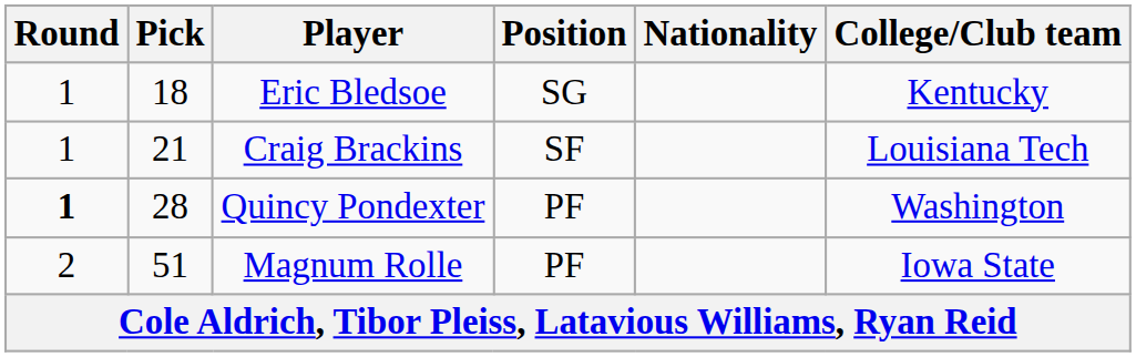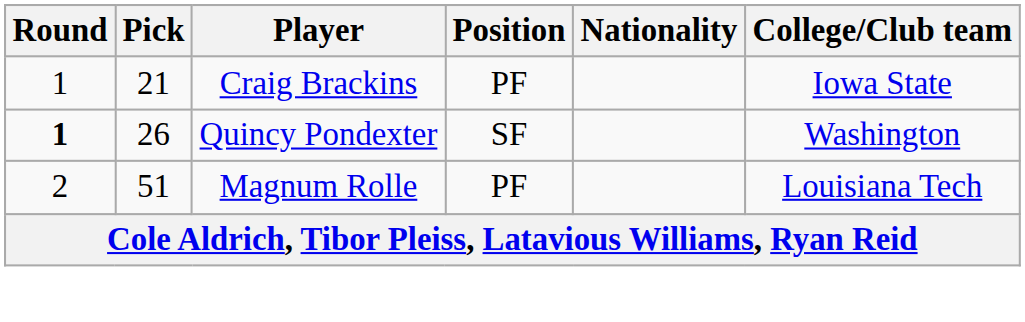 <table class="wikitable sortable sortable">
 <tr>
 <th>Round</th>
 <th>Pick</th>
 <th>Player</th>
 <th>Position</th>
 <th>Nationality</th>
 <th>College/Club team</th>
 </tr>
 <tr style="text-align: center">
 <td>1</td>
-<td>18</td>
-<td><a href='#'>Eric Bledsoe</a></td>
-<td>SG</td>
-<td></td>
-<td><a href='#'>Kentucky</a></td>
-</tr>
-<tr style="text-align: center">
-<td>1</td>
 <td>21</td>
 <td><a href='#'>Craig Brackins</a></td>
-<td>SF</td>
+<td>PF</td>
 <td></td>
-<td><a href='#'>Louisiana Tech</a></td>
+<td><a href='#'>Iowa State</a></td>
 </tr>
 <tr style="text-align: center">
 <td><strong>1</strong></td>
-<td>28</td>
+<td>26</td>
 <td><a href='#'>Quincy Pondexter</a></td>
-<td>PF</td>
+<td>SF</td>
 <td></td>
 <td><a href='#'>Washington</a></td>
 </tr>
 <tr style="text-align: center">
 <td>2</td>
 <td>51</td>
 <td><a href='#'>Magnum Rolle</a></td>
 <td>PF</td>
 <td></td>
-<td><a href='#'>Iowa State</a></td>
+<td><a href='#'>Louisiana Tech</a></td>
 </tr>
 <tr>
 <th scope="row" colspan="6" style="text-align:center;”"><a href='#'>Cole Aldrich</a>, <a href='#'>Tibor Pleiss</a>, <a href='#'>Latavious Williams</a>,  <a href='#'>Ryan Reid</a> </th>
 </tr>
 </table>
